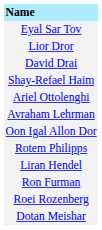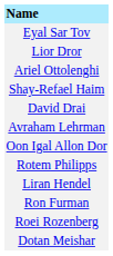 <table border=0 cellpadding=2 cellspacing=0  |- bgcolor=#F2F2F2 style="text-align:center; font-size:90%;">
 <tr bgcolor=#ADEBFD>
 <th align=left>Name</th>
 </tr>
 <tr>
 <td><a href='#'>Eyal Sar Tov</a></td>
 </tr>
 <tr>
 <td><a href='#'>Lior Dror</a></td>
 </tr>
 <tr>
-<td><a href='#'>David Drai</a></td>
+<td><a href='#'>Ariel Ottolenghi</a></td>
 </tr>
 <tr>
 <td><a href='#'>Shay-Refael Haim</a></td>
 </tr>
 <tr>
-<td><a href='#'>Ariel Ottolenghi</a></td>
+<td><a href='#'>David Drai</a></td>
 </tr>
 <tr>
 <td><a href='#'>Avraham Lehrman</a></td>
 </tr>
 <tr>
 <td><a href='#'>Oon Igal Allon Dor</a></td>
 </tr>
 <tr>
 <td><a href='#'>Rotem Philipps</a></td>
 </tr>
 <tr>
 <td><a href='#'>Liran Hendel</a></td>
 </tr>
 <tr>
 <td><a href='#'>Ron Furman</a></td>
 </tr>
 <tr>
 <td><a href='#'>Roei Rozenberg</a></td>
 </tr>
 <tr>
 <td><a href='#'>Dotan Meishar</a></td>
 </tr>
 </table>
